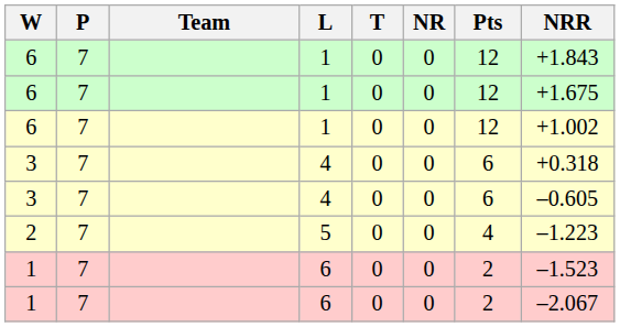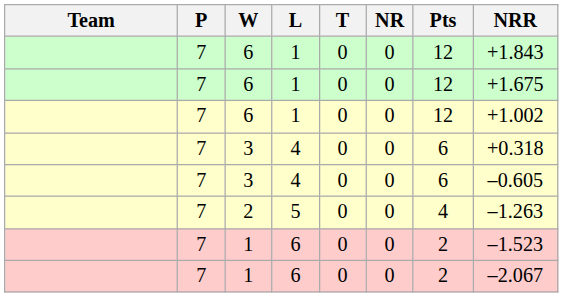 <table class="wikitable" style="text-align:center;">
 <tr>
+<th width=130>Team</th>
+<th width=30 abbr="Played">P</th>
 <th width=30 abbr="Won">W</th>
-<th width=30 abbr="Played">P</th>
-<th width=130>Team</th>
 <th width=30 abbr="Lost">L</th>
 <th width=30 abbr="Tied">T</th>
 <th width=30 abbr="No result">NR</th>
 <th width=40 abbr="Points">Pts</th>
 <th width=60 abbr="Net run rate">NRR</th>
 </tr>
 <tr bgcolor=ccffcc>
+<td align="left"></td>
+<td>7</td>
 <td>6</td>
-<td>7</td>
-<td align="left"></td>
 <td>1</td>
 <td>0</td>
 <td>0</td>
 <td>12</td>
 <td>+1.843</td>
 </tr>
 <tr bgcolor=ccffcc>
+<td align="left"></td>
+<td>7</td>
 <td>6</td>
-<td>7</td>
-<td align="left"></td>
 <td>1</td>
 <td>0</td>
 <td>0</td>
 <td>12</td>
 <td>+1.675</td>
 </tr>
 <tr bgcolor=ffffcc>
+<td align="left"></td>
+<td>7</td>
 <td>6</td>
-<td>7</td>
-<td align="left"></td>
 <td>1</td>
 <td>0</td>
 <td>0</td>
 <td>12</td>
 <td>+1.002</td>
 </tr>
 <tr bgcolor=ffffcc>
+<td align="left"></td>
+<td>7</td>
 <td>3</td>
-<td>7</td>
-<td align="left"></td>
 <td>4</td>
 <td>0</td>
 <td>0</td>
 <td>6</td>
 <td>+0.318</td>
 </tr>
 <tr bgcolor=ffffcc>
+<td align="left"></td>
+<td>7</td>
 <td>3</td>
-<td>7</td>
-<td align="left"></td>
 <td>4</td>
 <td>0</td>
 <td>0</td>
 <td>6</td>
 <td>–0.605</td>
 </tr>
 <tr bgcolor=ffffcc>
+<td align="left"></td>
+<td>7</td>
 <td>2</td>
-<td>7</td>
-<td align="left"></td>
 <td>5</td>
 <td>0</td>
 <td>0</td>
 <td>4</td>
-<td>–1.223</td>
+<td>–1.263</td>
 </tr>
 <tr bgcolor=ffcccc>
+<td align="left"></td>
+<td>7</td>
 <td>1</td>
-<td>7</td>
-<td align="left"></td>
 <td>6</td>
 <td>0</td>
 <td>0</td>
 <td>2</td>
 <td>–1.523</td>
 </tr>
 <tr bgcolor=ffcccc>
+<td align="left"></td>
+<td>7</td>
 <td>1</td>
-<td>7</td>
-<td align="left"></td>
 <td>6</td>
 <td>0</td>
 <td>0</td>
 <td>2</td>
 <td>–2.067</td>
 </tr>
 </table>
